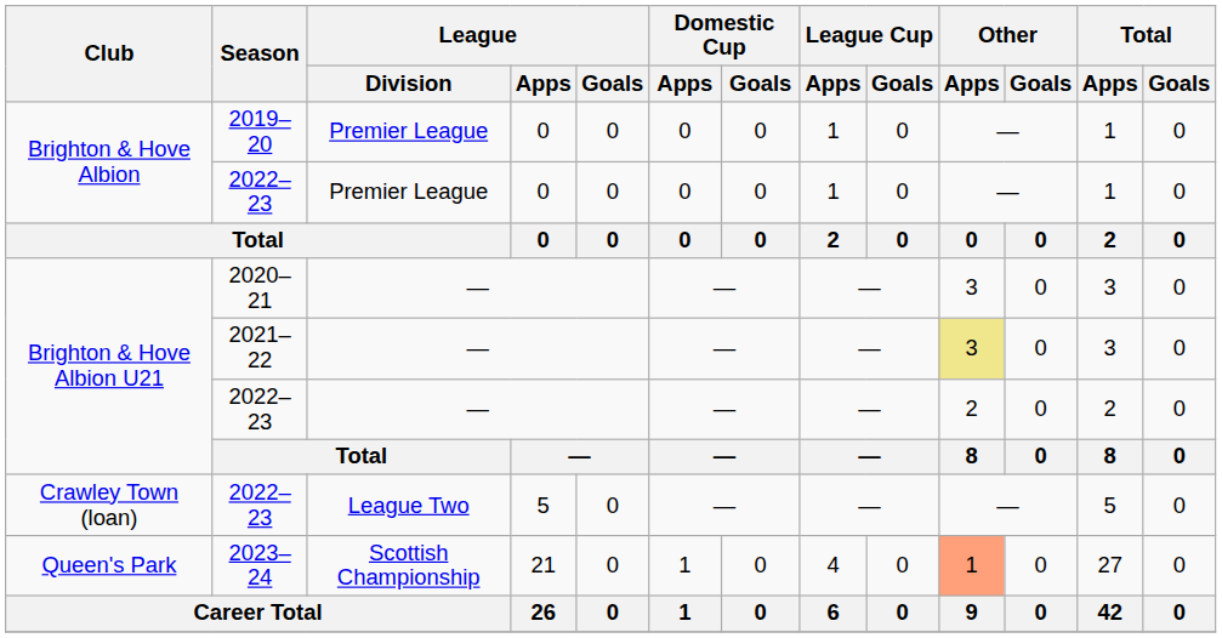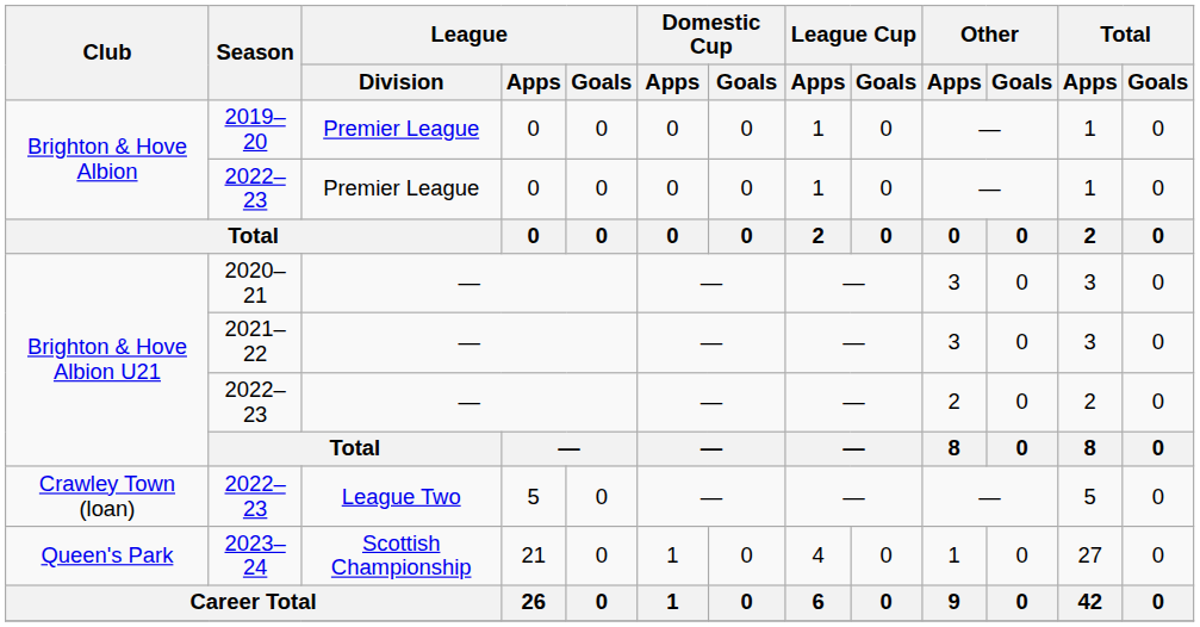 <table class=wikitable style="text-align: center;">
 <tr>
 <th rowspan=2>Club</th>
 <th rowspan=2>Season</th>
 <th colspan=3>League</th>
 <th colspan=2>Domestic Cup</th>
 <th colspan=2>League Cup</th>
 <th colspan=2>Other</th>
 <th colspan=2>Total</th>
 </tr>
 <tr>
 <th>Division</th>
 <th>Apps</th>
 <th>Goals</th>
 <th>Apps</th>
 <th>Goals</th>
 <th>Apps</th>
 <th>Goals</th>
 <th>Apps</th>
 <th>Goals</th>
 <th>Apps</th>
 <th>Goals</th>
 </tr>
 <tr>
 <td rowspan="2"><a href='#'>Brighton & Hove Albion</a></td>
 <td><a href='#'>2019–20</a></td>
 <td><a href='#'>Premier League</a></td>
 <td>0</td>
 <td>0</td>
 <td>0</td>
 <td>0</td>
 <td>1</td>
 <td>0</td>
 <td colspan=2>—</td>
 <td>1</td>
 <td>0</td>
 </tr>
 <tr>
 <td><a href='#'>2022–23</a></td>
 <td>Premier League</td>
 <td>0</td>
 <td>0</td>
 <td>0</td>
 <td>0</td>
 <td>1</td>
 <td>0</td>
 <td colspan="2">—</td>
 <td>1</td>
 <td>0</td>
 </tr>
 <tr>
 <th colspan=3>Total</th>
 <th>0</th>
 <th>0</th>
 <th>0</th>
 <th>0</th>
 <th>2</th>
 <th>0</th>
 <th>0</th>
 <th>0</th>
 <th>2</th>
 <th>0</th>
 </tr>
 <tr>
 <td rowspan="4"><a href='#'>Brighton & Hove Albion U21</a></td>
 <td>2020–21</td>
 <td colspan=3>—</td>
 <td colspan=2>—</td>
 <td colspan=2>—</td>
 <td>3</td>
 <td>0</td>
 <td>3</td>
 <td>0</td>
 </tr>
 <tr>
 <td>2021–22</td>
 <td colspan=3>—</td>
 <td colspan=2>—</td>
 <td colspan=2>—</td>
-<td style="background: khaki;">3</td>
+<td>3</td>
 <td>0</td>
 <td>3</td>
 <td>0</td>
 </tr>
 <tr>
 <td>2022–23</td>
 <td colspan=3>—</td>
 <td colspan=2>—</td>
 <td colspan=2>—</td>
 <td>2</td>
 <td>0</td>
 <td>2</td>
 <td>0</td>
 </tr>
 <tr>
 <th colspan=2>Total</th>
 <th colspan=2>—</th>
 <th colspan=2>—</th>
 <th colspan=2>—</th>
 <th>8</th>
 <th>0</th>
 <th>8</th>
 <th>0</th>
 </tr>
 <tr>
 <td><a href='#'>Crawley Town</a> (loan)</td>
 <td><a href='#'>2022–23</a></td>
 <td><a href='#'>League Two</a></td>
 <td>5</td>
 <td>0</td>
 <td colspan="2">—</td>
 <td colspan="2">—</td>
 <td colspan="2">—</td>
 <td>5</td>
 <td>0</td>
 </tr>
 <tr>
 <td><a href='#'>Queen's Park</a></td>
 <td><a href='#'>2023–24</a></td>
 <td><a href='#'>Scottish Championship</a></td>
 <td>21</td>
 <td>0</td>
 <td>1</td>
 <td>0</td>
 <td>4</td>
 <td>0</td>
-<td style="background: lightsalmon;">1</td>
+<td>1</td>
 <td>0</td>
 <td>27</td>
 <td>0</td>
 </tr>
 <tr>
 <th colspan=3>Career Total</th>
 <th>26</th>
 <th>0</th>
 <th>1</th>
 <th>0</th>
 <th>6</th>
 <th>0</th>
 <th>9</th>
 <th>0</th>
 <th>42</th>
 <th>0</th>
 </tr>
 <tr>
 </tr>
 </table>
